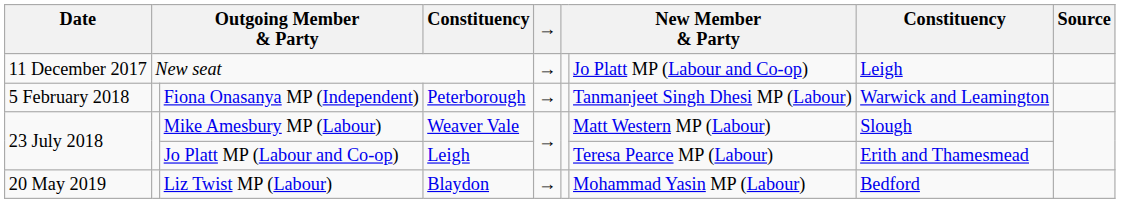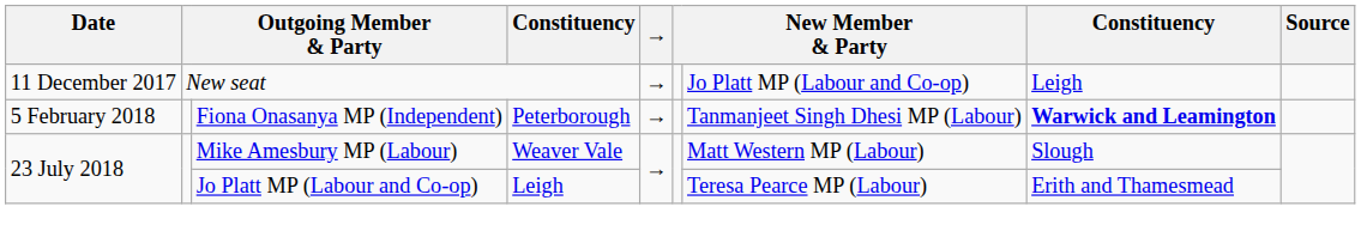 <table class="wikitable">
 <tr>
 <th valign="top">Date</th>
 <th colspan="2" valign="top">Outgoing Member<br>& Party</th>
 <th valign="top">Constituency</th>
 <th>→</th>
 <th colspan="2" valign="top">New Member<br>& Party</th>
 <th valign="top">Constituency</th>
 <th valign="top">Source</th>
 </tr>
 <tr>
 <td>11 December 2017</td>
 <td colspan=3><em>New seat</em></td>
 <td>→</td>
 <td style="color:inherit;background:"></td>
 <td><a href='#'>Jo Platt</a> MP (<a href='#'>Labour and Co-op</a>)</td>
 <td><a href='#'>Leigh</a></td>
 <td></td>
 </tr>
 <tr>
 <td>5 February 2018</td>
 <td style="color:inherit;background:"></td>
 <td><a href='#'>Fiona Onasanya</a> MP (<a href='#'>Independent</a>)</td>
 <td><a href='#'>Peterborough</a></td>
 <td>→</td>
 <td style="color:inherit;background:"></td>
 <td><a href='#'>Tanmanjeet Singh Dhesi</a> MP (<a href='#'>Labour</a>)</td>
-<td><a href='#'>Warwick and Leamington</a></td>
+<td><strong><a href='#'>Warwick and Leamington</a></strong></td>
 <td></td>
 </tr>
 <tr>
 <td rowspan=2>23 July 2018</td>
 <td rowspan=2 style="color:inherit;background:"></td>
 <td><a href='#'>Mike Amesbury</a> MP (<a href='#'>Labour</a>)</td>
 <td><a href='#'>Weaver Vale</a></td>
 <td rowspan=2>→</td>
 <td rowspan=2 style="color:inherit;background:"></td>
 <td><a href='#'>Matt Western</a> MP (<a href='#'>Labour</a>)</td>
 <td><a href='#'>Slough</a></td>
 <td rowspan=2></td>
 </tr>
 <tr>
 <td><a href='#'>Jo Platt</a> MP (<a href='#'>Labour and Co-op</a>)</td>
 <td><a href='#'>Leigh</a></td>
 <td><a href='#'>Teresa Pearce</a> MP (<a href='#'>Labour</a>)</td>
 <td><a href='#'>Erith and Thamesmead</a></td>
 </tr>
-<tr>
-<td>20 May 2019</td>
-<td style="color:inherit;background:"></td>
-<td><a href='#'>Liz Twist</a> MP (<a href='#'>Labour</a>)</td>
-<td><a href='#'>Blaydon</a></td>
-<td>→</td>
-<td style="color:inherit;background:"></td>
-<td><a href='#'>Mohammad Yasin</a> MP (<a href='#'>Labour</a>)</td>
-<td><a href='#'>Bedford</a></td>
-<td></td>
-</tr>
 </table>
